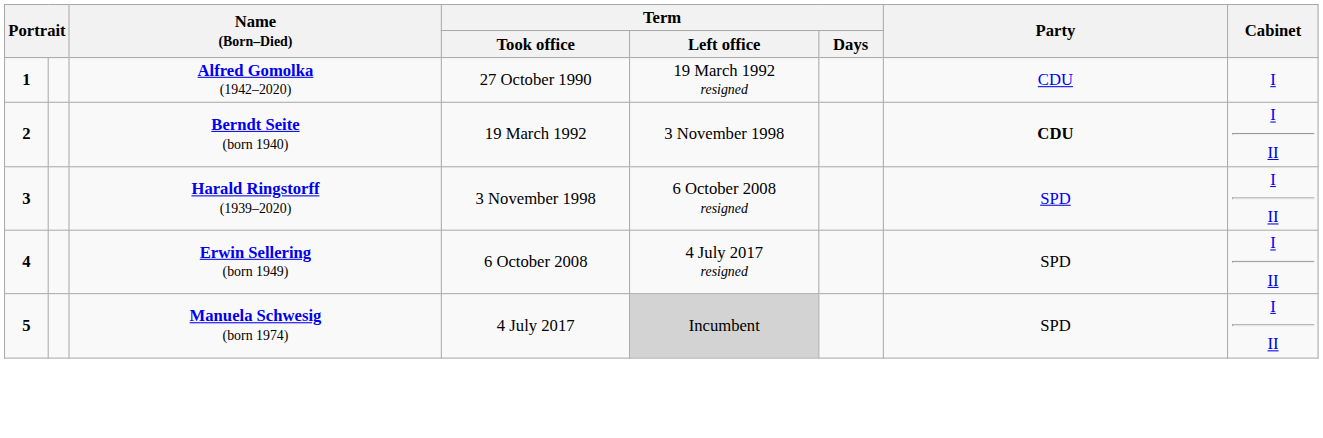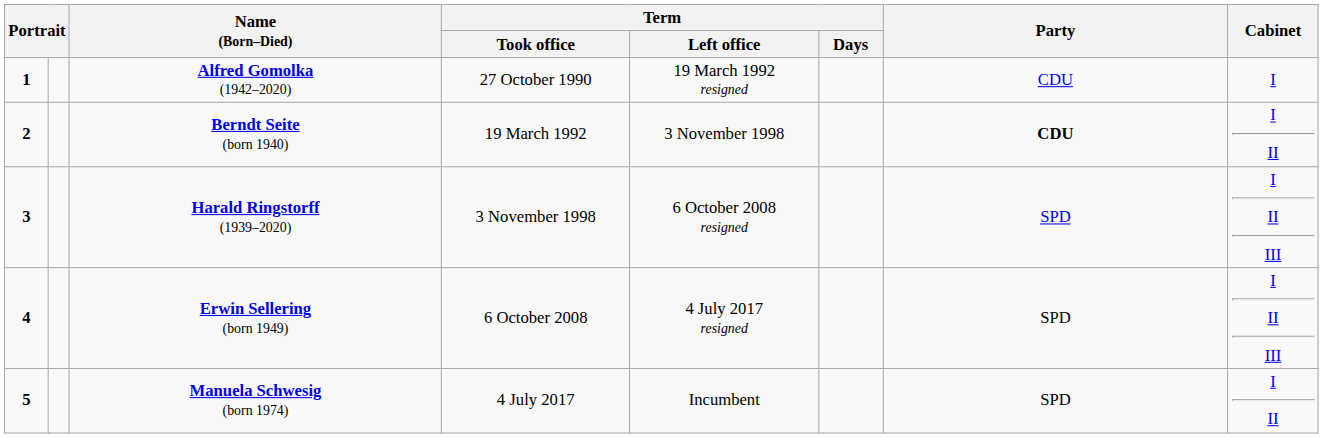 <table class="wikitable" style="text-align:center; width:100%; border:1px #AAAAFF solid">
 <tr>
 <th width=80px rowspan=2 colspan=2>Portrait</th>
 <th width=30% rowspan=2>Name<br><small>(Born–Died)</small></th>
 <th width=35% colspan=3>Term</th>
 <th width=28% rowspan=2>Party</th>
 <th width=28% rowspan=2>Cabinet</th>
 </tr>
 <tr>
 <th>Took office</th>
 <th>Left office</th>
 <th>Days</th>
 </tr>
 <tr>
 <td style="background:"><strong>1</strong></td>
 <td></td>
 <td><strong><a href='#'>Alfred Gomolka</a></strong><br><small>(1942–2020)</small></td>
 <td>27 October 1990</td>
 <td>19 March 1992<br><small><em>resigned</em></small></td>
 <td></td>
 <td><a href='#'>CDU</a></td>
 <td><a href='#'>I</a></td>
 </tr>
 <tr>
 <td style="background:"><strong>2</strong></td>
 <td></td>
 <td><strong><a href='#'>Berndt Seite</a></strong><br><small>(born 1940)</small></td>
 <td>19 March 1992</td>
 <td>3 November 1998</td>
 <td></td>
 <td><strong>CDU</strong></td>
 <td><a href='#'>I</a><hr><a href='#'>II</a></td>
 </tr>
 <tr>
 <td style="background:"><strong>3</strong></td>
 <td></td>
 <td><strong><a href='#'>Harald Ringstorff</a></strong><br><small>(1939–2020)</small></td>
 <td>3 November 1998</td>
 <td>6 October 2008<br><small><em>resigned</em></small></td>
 <td></td>
 <td><a href='#'>SPD</a></td>
-<td><a href='#'>I</a><hr><a href='#'>II</a></td>
+<td><a href='#'>I</a><hr><a href='#'>II</a><hr><a href='#'>III</a></td>
 </tr>
 <tr>
 <td style="background:"><strong>4</strong></td>
 <td></td>
 <td><strong><a href='#'>Erwin Sellering</a></strong><br><small>(born 1949)</small></td>
 <td>6 October 2008</td>
 <td>4 July 2017<br><small><em>resigned</em></small></td>
 <td></td>
 <td>SPD</td>
-<td><a href='#'>I</a><hr><a href='#'>II</a></td>
+<td><a href='#'>I</a><hr><a href='#'>II</a><hr><a href='#'>III</a></td>
 </tr>
 <tr>
 <td style="background:"><strong>5</strong></td>
 <td></td>
 <td><strong><a href='#'>Manuela Schwesig</a></strong><br><small>(born 1974)</small></td>
 <td>4 July 2017</td>
-<td style="background: lightgrey;">Incumbent</td>
+<td>Incumbent</td>
 <td></td>
 <td>SPD</td>
 <td><a href='#'>I</a><hr><a href='#'>II</a></td>
 </tr>
 </table>
